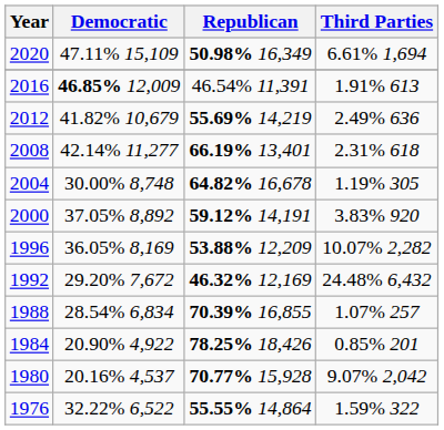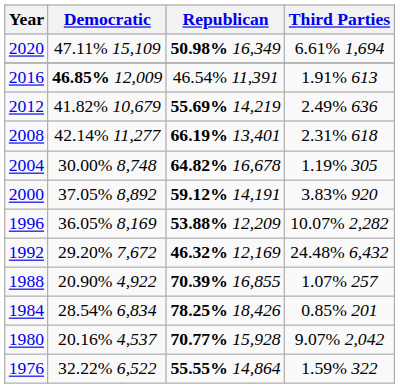 <table class="wikitable"  style="float:right; margin:1em; font-size:95%;">
 <tr style="background:lightgrey;">
 <th>Year</th>
 <th><a href='#'>Democratic</a></th>
 <th><a href='#'>Republican</a></th>
 <th><a href='#'>Third Parties</a></th>
 </tr>
 <tr>
 <td align="center" ><a href='#'>2020</a></td>
 <td align="center" >47.11% <em>15,109</em></td>
 <td align="center" ><strong>50.98%</strong> <em>16,349</em></td>
 <td align="center" >6.61% <em>1,694</em></td>
 </tr>
 <tr>
 </tr>
 <tr>
 <td align="center" ><a href='#'>2016</a></td>
 <td align="center" ><strong>46.85%</strong> <em>12,009</em></td>
 <td align="center" >46.54% <em>11,391</em></td>
 <td align="center" >1.91% <em>613</em></td>
 </tr>
 <tr>
 <td align="center" ><a href='#'>2012</a></td>
 <td align="center" >41.82% <em>10,679</em></td>
 <td align="center" ><strong>55.69%</strong> <em>14,219 </em></td>
 <td align="center" >2.49% <em>636</em></td>
 </tr>
 <tr>
 <td align="center" ><a href='#'>2008</a></td>
 <td align="center" >42.14% <em>11,277 </em></td>
 <td align="center" ><strong>66.19%</strong> <em>13,401</em></td>
 <td align="center" >2.31% <em>618</em></td>
 </tr>
 <tr>
 <td align="center" ><a href='#'>2004</a></td>
 <td align="center" >30.00% <em>8,748</em></td>
 <td align="center" ><strong>64.82%</strong> <em>16,678</em></td>
 <td align="center" >1.19% <em>305</em></td>
 </tr>
 <tr>
 <td align="center" ><a href='#'>2000</a></td>
 <td align="center" >37.05% <em>8,892</em></td>
 <td align="center" ><strong>59.12%</strong> <em>14,191</em></td>
 <td align="center" >3.83% <em>920</em></td>
 </tr>
 <tr>
 <td align="center" ><a href='#'>1996</a></td>
 <td align="center" >36.05% <em>8,169</em></td>
 <td align="center" ><strong>53.88%</strong> <em>12,209</em></td>
 <td align="center" >10.07% <em>2,282</em></td>
 </tr>
 <tr>
 <td align="center" ><a href='#'>1992</a></td>
 <td align="center" >29.20% <em>7,672</em></td>
 <td align="center" ><strong>46.32%</strong> <em>12,169</em></td>
 <td align="center" >24.48% <em>6,432</em></td>
 </tr>
 <tr>
 <td align="center" ><a href='#'>1988</a></td>
-<td align="center" >28.54% <em>6,834</em></td>
+<td align="center" >20.90% <em>4,922</em></td>
 <td align="center" ><strong>70.39%</strong> <em>16,855</em></td>
 <td align="center" >1.07% <em>257</em></td>
 </tr>
 <tr>
 <td align="center" ><a href='#'>1984</a></td>
-<td align="center" >20.90% <em>4,922</em></td>
+<td align="center" >28.54% <em>6,834</em></td>
 <td align="center" ><strong>78.25%</strong> <em>18,426</em></td>
 <td align="center" >0.85% <em>201</em></td>
 </tr>
 <tr>
 <td align="center" ><a href='#'>1980</a></td>
 <td align="center" >20.16% <em>4,537</em></td>
 <td align="center" ><strong>70.77%</strong> <em>15,928</em></td>
 <td align="center" >9.07% <em>2,042</em></td>
 </tr>
 <tr>
 <td align="center" ><a href='#'>1976</a></td>
 <td align="center" >32.22% <em>6,522</em></td>
 <td align="center" ><strong>55.55%</strong> <em>14,864</em></td>
 <td align="center" >1.59% <em>322</em></td>
 </tr>
 </table>
